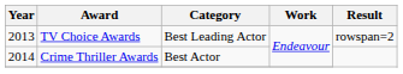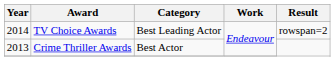 <table class="wikitable">
 <tr>
 <th>Year</th>
 <th>Award</th>
 <th>Category</th>
 <th>Work</th>
 <th>Result</th>
 </tr>
 <tr>
-<td>2013</td>
+<td>2014</td>
 <td><a href='#'>TV Choice Awards</a></td>
 <td>Best Leading Actor</td>
 <td rowspan=2><em><a href='#'>Endeavour</a></em></td>
 <td>rowspan=2 </td>
 </tr>
 <tr>
-<td>2014</td>
+<td>2013</td>
 <td><a href='#'>Crime Thriller Awards</a></td>
 <td>Best Actor</td>
 </tr>
 <tr>
 </tr>
 </table>
